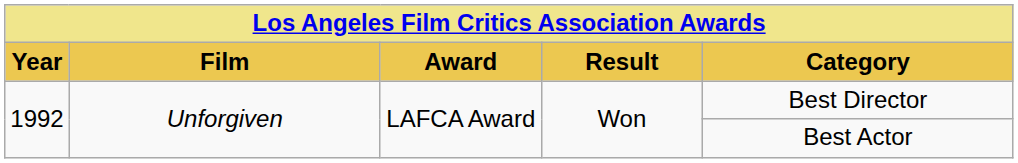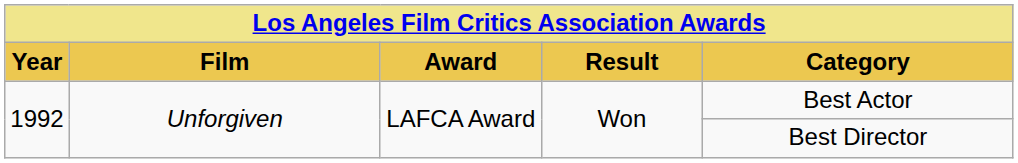 <table class="wikitable" style="text-align: center;">
 <tr>
 <th colspan="5" style="background: khaki;"><a href='#'>Los Angeles Film Critics Association Awards</a></th>
 </tr>
 <tr>
 <th style="width: 33px; background: #ecc850;">Year</th>
 <th style="width: 200px; background: #ecc850;">Film</th>
 <th style="width: 100px; background: #ecc850;">Award</th>
 <th style="width: 100px; background: #ecc850;">Result</th>
 <th style="width: 200px; background: #ecc850;">Category</th>
 </tr>
 <tr>
 <td rowspan="2">1992</td>
 <td rowspan="2"><em>Unforgiven</em></td>
 <td rowspan="2">LAFCA Award</td>
 <td rowspan="2">Won</td>
+<td>Best Actor</td>
+</tr>
+<tr>
 <td>Best Director</td>
 </tr>
-<tr>
-<td>Best Actor</td>
-</tr>
 </table>
